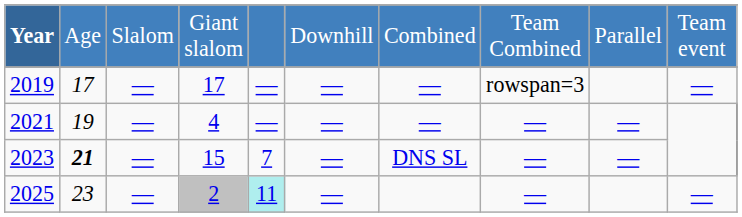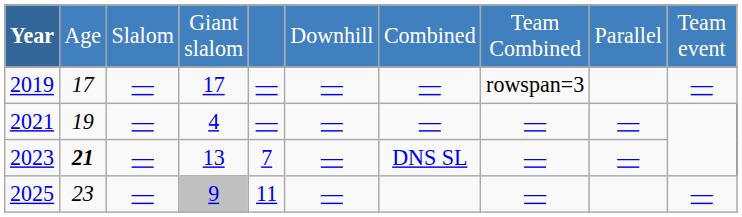 <table class="wikitable" style="font-size:95%; text-align:center; border:grey solid 1px; border-collapse:collapse;" width="40%">
 <tr style="background-color:#369; color:white;">
 <td rowspan="2" colspan="1" width="4%"><strong>Year</strong></td>
 </tr>
 <tr style="background-color:#4180be; color:white;">
 <td width="3%">Age</td>
 <td width="5%">Slalom</td>
 <td width="5%">Giant<br>slalom</td>
 <td width="5%"></td>
 <td width="5%">Downhill</td>
 <td width="5%">Combined</td>
 <td width="5%">Team<br>Combined</td>
 <td width="5%">Parallel</td>
 <td width="5%">Team<br> event </td>
 </tr>
 <tr style="background-color:#8CB2D8; color:white;">
 </tr>
 <tr>
 <td><a href='#'>2019</a></td>
 <td><em>17</em></td>
 <td><a href='#'>—</a></td>
 <td><a href='#'>17</a></td>
 <td><a href='#'>—</a></td>
 <td><a href='#'>—</a></td>
 <td><a href='#'>—</a></td>
 <td>rowspan=3</td>
 <td></td>
 <td><a href='#'>—</a></td>
 </tr>
 <tr>
 <td><a href='#'>2021</a></td>
 <td><em>19</em></td>
 <td><a href='#'>—</a></td>
 <td><a href='#'>4</a></td>
 <td><a href='#'>—</a></td>
 <td><a href='#'>—</a></td>
 <td><a href='#'>—</a></td>
 <td><a href='#'>—</a></td>
 <td><a href='#'>—</a></td>
 </tr>
 <tr>
 <td><a href='#'>2023</a></td>
 <td><strong><em>21</em></strong></td>
 <td><a href='#'>—</a></td>
-<td><a href='#'>15</a></td>
+<td><a href='#'>13</a></td>
 <td><a href='#'>7</a></td>
 <td><a href='#'>—</a></td>
 <td><a href='#'>DNS SL</a></td>
 <td><a href='#'>—</a></td>
 <td><a href='#'>—</a></td>
 </tr>
 <tr>
 <td><a href='#'>2025</a></td>
 <td><em>23</em></td>
 <td><a href='#'>—</a></td>
-<td style="background:silver;"><a href='#'>2</a></td>
-<td style="background: paleturquoise;"><a href='#'>11</a></td>
+<td style="background:silver;"><a href='#'>9</a></td>
+<td><a href='#'>11</a></td>
 <td><a href='#'>—</a></td>
 <td></td>
 <td><a href='#'>—</a></td>
 <td></td>
 <td><a href='#'>—</a></td>
 </tr>
 </table>
